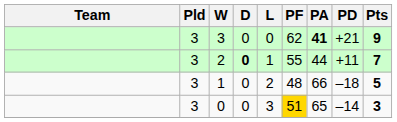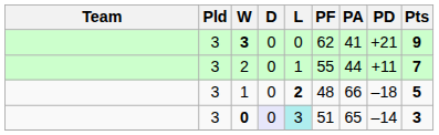 <table class="wikitable" style="text-align:center;">
 <tr>
 <th width=190>Team</th>
 <th width=20 abbr="Played">Pld</th>
 <th width=20 abbr="Won">W</th>
 <th width=20 abbr="Drawn">D</th>
 <th width=20 abbr="Lost">L</th>
 <th width=20 abbr="Points for">PF</th>
 <th width=20 abbr="Points against">PA</th>
 <th width=25 abbr="Points difference">PD</th>
 <th width=20 abbr="Points">Pts</th>
 </tr>
 <tr style="background:#ccffcc">
 <td align=left></td>
 <td>3</td>
-<td>3</td>
+<td><strong>3</strong></td>
 <td>0</td>
 <td>0</td>
 <td>62</td>
-<td><strong>41</strong></td>
+<td>41</td>
 <td>+21</td>
 <td><strong>9</strong></td>
 </tr>
 <tr style="background:#ccffcc">
 <td align=left></td>
 <td>3</td>
 <td>2</td>
-<td><strong>0</strong></td>
+<td>0</td>
 <td>1</td>
 <td>55</td>
 <td>44</td>
 <td>+11</td>
 <td><strong>7</strong></td>
 </tr>
 <tr>
 <td align=left></td>
 <td>3</td>
 <td>1</td>
 <td>0</td>
-<td>2</td>
+<td><strong>2</strong></td>
 <td>48</td>
 <td>66</td>
 <td>–18</td>
 <td><strong>5</strong></td>
 </tr>
 <tr>
 <td align=left></td>
 <td>3</td>
-<td>0</td>
-<td>0</td>
-<td>3</td>
-<td style="background: gold;">51</td>
+<td><strong>0</strong></td>
+<td style="background: lavender;">0</td>
+<td style="background: paleturquoise;">3</td>
+<td>51</td>
 <td>65</td>
 <td>–14</td>
 <td><strong>3</strong></td>
 </tr>
 <tr>
 </tr>
 </table>
